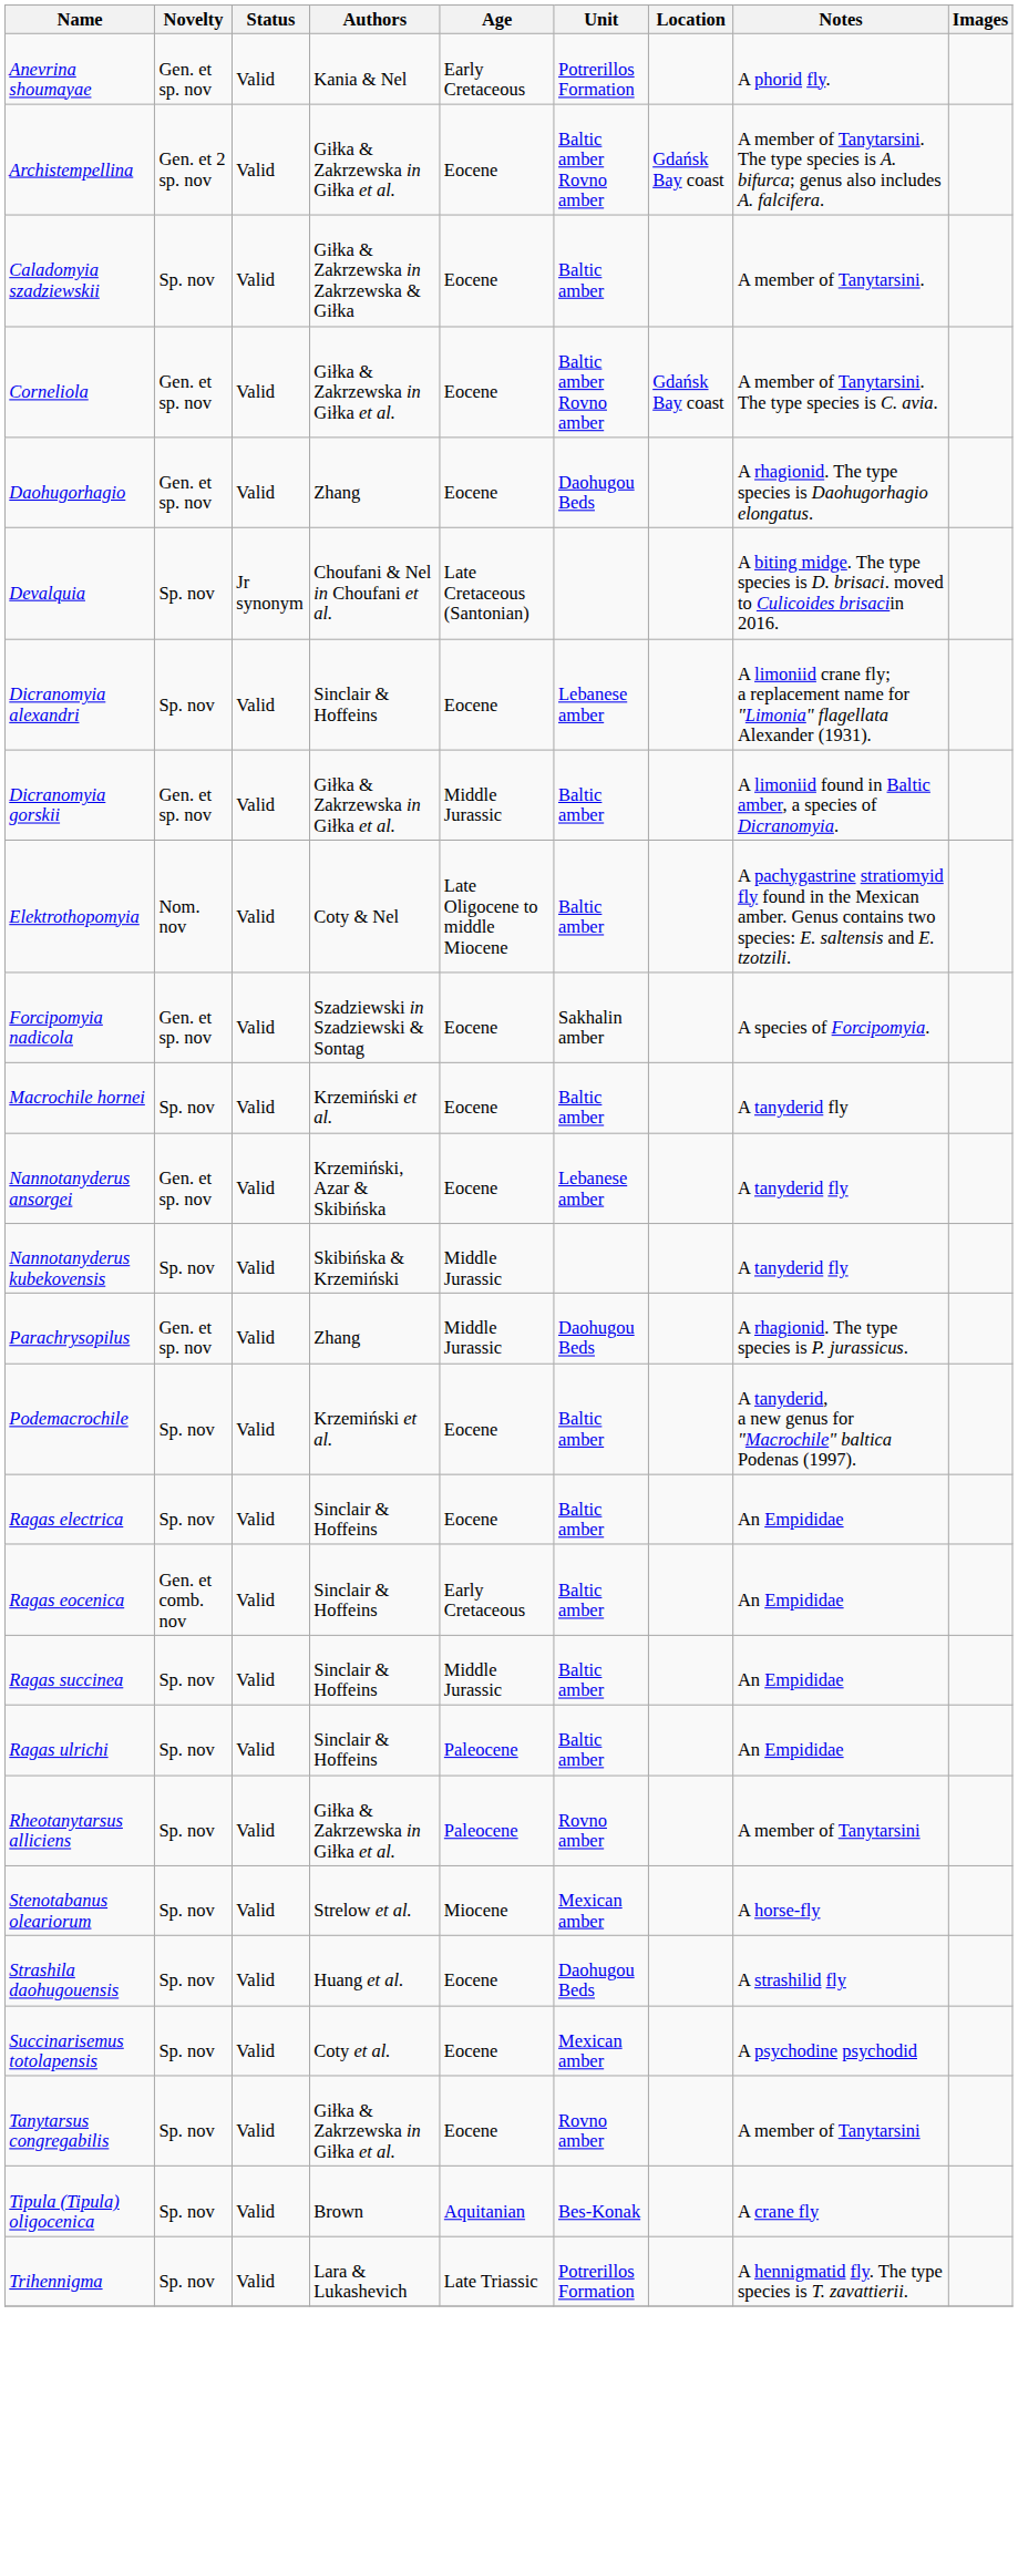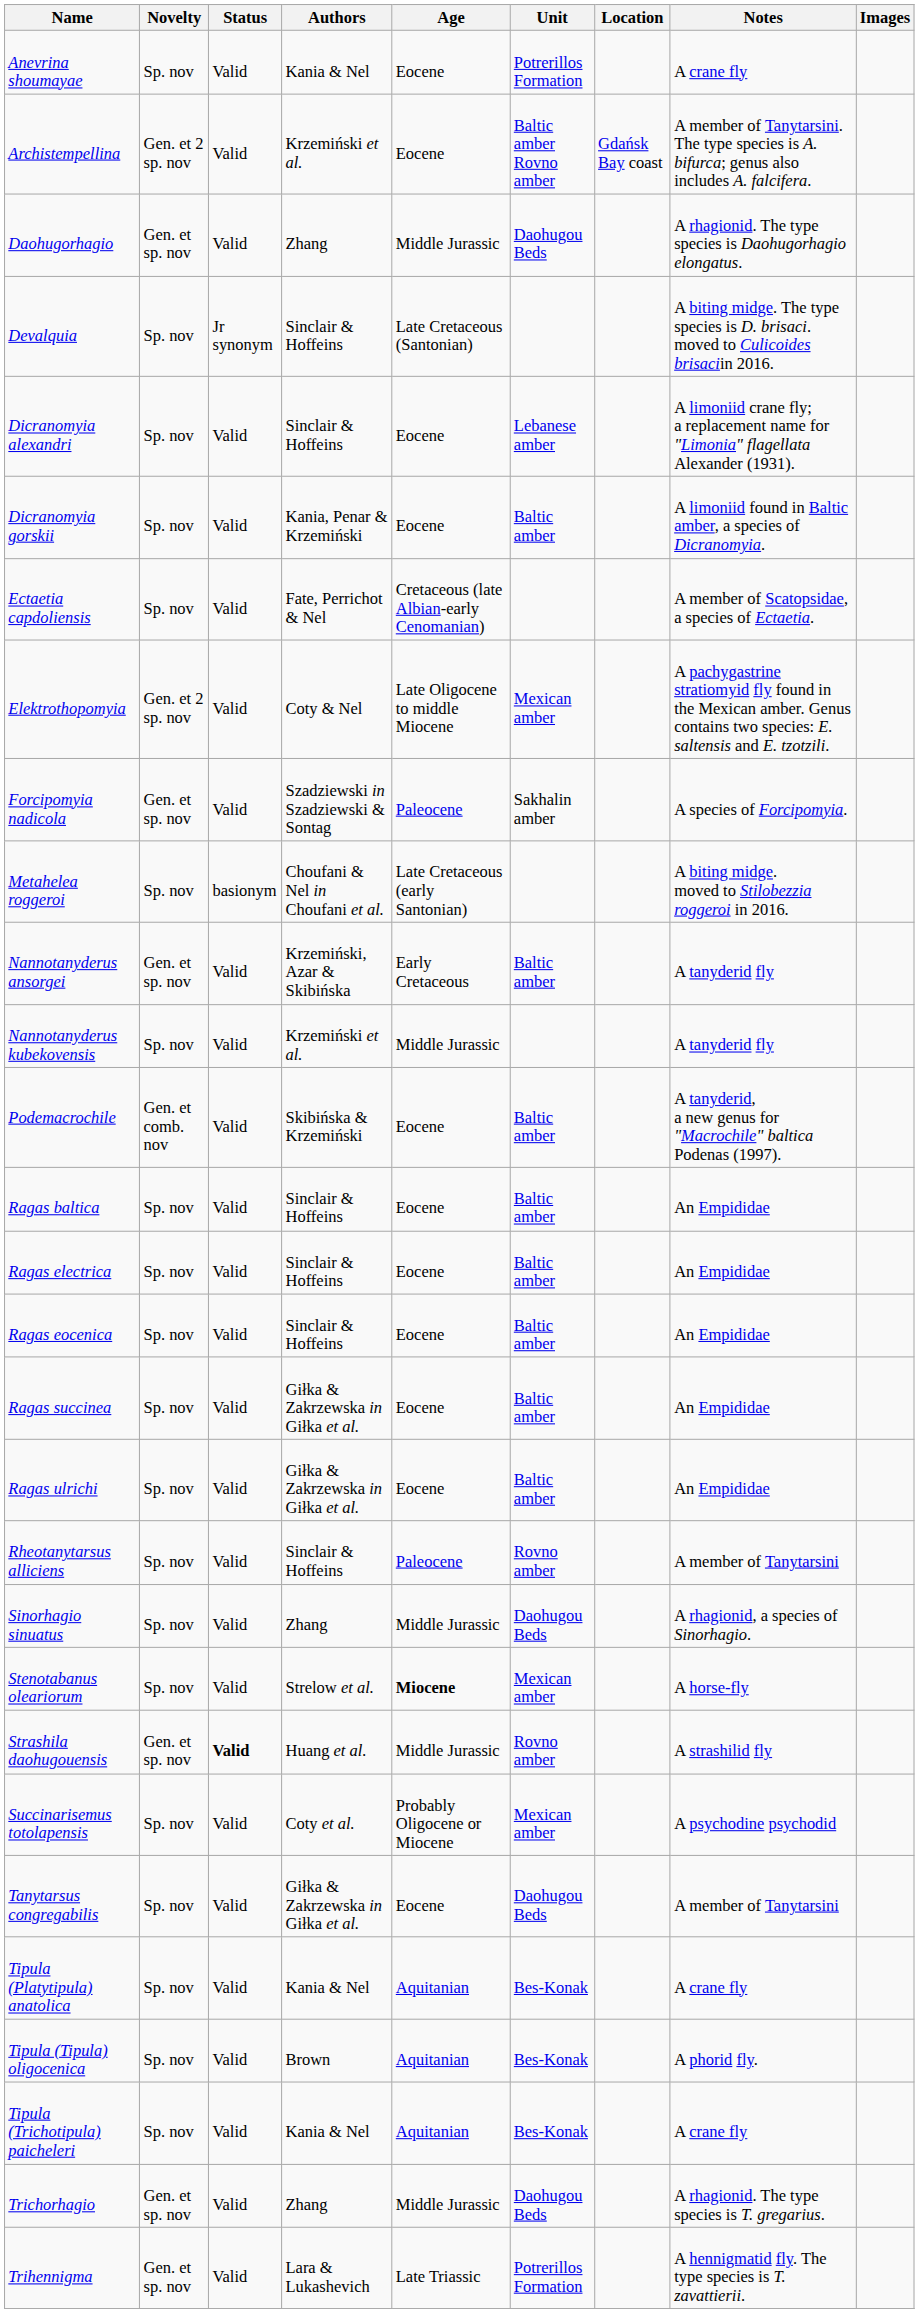 <table class="wikitable sortable" align="center" width="100%">
 <tr>
 <th>Name</th>
 <th>Novelty</th>
 <th>Status</th>
 <th>Authors</th>
 <th>Age</th>
 <th>Unit</th>
 <th>Location</th>
 <th>Notes</th>
 <th>Images</th>
 </tr>
 <tr>
 <td><br><em><a href='#'>Anevrina shoumayae</a></em></td>
-<td><br>Gen. et sp. nov</td>
+<td><br>Sp. nov</td>
 <td><br>Valid</td>
 <td><br>Kania & Nel</td>
-<td><br>Early Cretaceous</td>
+<td><br>Eocene</td>
 <td><br><a href='#'>Potrerillos Formation</a></td>
 <td><br></td>
-<td><br>A <a href='#'>phorid</a> <a href='#'>fly</a>.</td>
+<td><br>A <a href='#'>crane fly</a></td>
 <td></td>
 </tr>
 <tr>
 <td><br><em><a href='#'>Archistempellina</a></em></td>
 <td><br>Gen. et 2 sp. nov</td>
 <td><br>Valid</td>
-<td><br>Giłka & Zakrzewska <em>in</em> Giłka <em>et al.</em></td>
+<td><br>Krzemiński <em>et al.</em></td>
 <td><br>Eocene</td>
 <td><br><a href='#'>Baltic amber</a><br> <a href='#'>Rovno amber</a></td>
 <td><br><a href='#'>Gdańsk Bay</a> coast<br> </td>
 <td><br>A member of <a href='#'>Tanytarsini</a>.<br> The type species is <em>A. bifurca</em>; genus also includes <em>A. falcifera</em>.</td>
 <td></td>
 </tr>
 <tr>
-<td><br><em><a href='#'>Caladomyia szadziewskii</a></em></td>
-<td><br>Sp. nov</td>
-<td><br>Valid</td>
-<td><br>Giłka & Zakrzewska <em>in</em> Zakrzewska & Giłka</td>
-<td><br>Eocene</td>
-<td><br><a href='#'>Baltic amber</a></td>
-<td><br></td>
-<td><br>A member of <a href='#'>Tanytarsini</a>.</td>
-<td></td>
-</tr>
-<tr>
-<td><br><em><a href='#'>Corneliola</a></em></td>
-<td><br>Gen. et sp. nov</td>
-<td><br>Valid</td>
-<td><br>Giłka & Zakrzewska <em>in</em> Giłka <em>et al.</em></td>
-<td><br>Eocene</td>
-<td><br><a href='#'>Baltic amber</a><br> <a href='#'>Rovno amber</a></td>
-<td><br><a href='#'>Gdańsk Bay</a> coast<br> </td>
-<td><br>A member of <a href='#'>Tanytarsini</a>. The type species is <em>C. avia</em>.</td>
-<td></td>
-</tr>
-<tr>
 <td><br><em><a href='#'>Daohugorhagio</a></em></td>
 <td><br>Gen. et sp. nov</td>
 <td><br>Valid</td>
 <td><br>Zhang</td>
-<td><br>Eocene</td>
+<td><br>Middle Jurassic</td>
 <td><br><a href='#'>Daohugou Beds</a></td>
 <td><br></td>
 <td><br>A <a href='#'>rhagionid</a>. The type species is <em>Daohugorhagio elongatus</em>.</td>
 <td></td>
 </tr>
 <tr>
 <td><br><em><a href='#'>Devalquia</a></em></td>
 <td><br>Sp. nov</td>
 <td><br>Jr synonym</td>
-<td><br>Choufani & Nel <em>in</em> Choufani <em>et al.</em></td>
+<td><br>Sinclair & Hoffeins</td>
 <td><br>Late Cretaceous (Santonian)</td>
 <td></td>
 <td><br></td>
 <td><br>A <a href='#'>biting midge</a>. The type species is <em>D. brisaci</em>. moved to <em><a href='#'>Culicoides brisaci</a></em>in 2016.</td>
 <td></td>
 </tr>
 <tr>
 <td><br><em><a href='#'>Dicranomyia alexandri</a></em></td>
 <td><br>Sp. nov</td>
 <td><br>Valid</td>
 <td><br>Sinclair & Hoffeins</td>
 <td><br>Eocene</td>
 <td><br><a href='#'>Lebanese amber</a></td>
 <td><br></td>
 <td><br>A <a href='#'>limoniid</a> crane fly;<br> a replacement name for <em>"<a href='#'>Limonia</a>" flagellata</em> Alexander (1931).</td>
 <td></td>
 </tr>
 <tr>
 <td><br><em><a href='#'>Dicranomyia gorskii</a></em></td>
-<td><br>Gen. et sp. nov</td>
+<td><br>Sp. nov</td>
 <td><br>Valid</td>
-<td><br>Giłka & Zakrzewska <em>in</em> Giłka <em>et al.</em></td>
-<td><br>Middle Jurassic</td>
+<td><br>Kania, Penar & Krzemiński</td>
+<td><br>Eocene</td>
 <td><br><a href='#'>Baltic amber</a></td>
 <td><br></td>
 <td><br>A <a href='#'>limoniid</a> found in <a href='#'>Baltic amber</a>, a species of <em><a href='#'>Dicranomyia</a></em>.</td>
 <td></td>
 </tr>
 <tr>
+<td><br><em><a href='#'>Ectaetia capdoliensis</a></em></td>
+<td><br>Sp. nov</td>
+<td><br>Valid</td>
+<td><br>Fate, Perrichot & Nel</td>
+<td><br>Cretaceous (late <a href='#'>Albian</a>-early <a href='#'>Cenomanian</a>)</td>
+<td></td>
+<td><br></td>
+<td><br>A member of <a href='#'>Scatopsidae</a>, a species of <em><a href='#'>Ectaetia</a></em>.</td>
+<td></td>
+</tr>
+<tr>
 <td><br><em><a href='#'>Elektrothopomyia</a></em></td>
-<td><br>Nom. nov</td>
+<td><br>Gen. et 2 sp. nov</td>
 <td><br>Valid</td>
 <td><br>Coty & Nel</td>
 <td><br>Late Oligocene to middle Miocene</td>
-<td><br><a href='#'>Baltic amber</a></td>
+<td><br><a href='#'>Mexican amber</a></td>
 <td><br></td>
 <td><br>A <a href='#'>pachygastrine</a> <a href='#'>stratiomyid</a> <a href='#'>fly</a> found in the Mexican amber. Genus contains two species: <em>E. saltensis</em> and <em>E. tzotzili</em>.</td>
 <td></td>
 </tr>
 <tr>
 <td><br><em><a href='#'>Forcipomyia nadicola</a></em></td>
 <td><br>Gen. et sp. nov</td>
 <td><br>Valid</td>
 <td><br>Szadziewski <em>in</em> Szadziewski & Sontag</td>
-<td><br>Eocene</td>
+<td><br><a href='#'>Paleocene</a></td>
 <td><br>Sakhalin amber</td>
 <td><br></td>
 <td><br>A species of <em><a href='#'>Forcipomyia</a></em>.</td>
 <td></td>
 </tr>
 <tr>
-<td><em><a href='#'>Macrochile hornei</a></em></td>
+<td><br><em><a href='#'>Metahelea roggeroi</a></em></td>
 <td><br>Sp. nov</td>
-<td><br>Valid</td>
-<td><br>Krzemiński <em>et al.</em></td>
-<td><br>Eocene</td>
-<td><br><a href='#'>Baltic amber</a></td>
+<td><br>basionym</td>
+<td><br>Choufani & Nel <em>in</em> Choufani <em>et al.</em></td>
+<td><br>Late Cretaceous (early Santonian)</td>
+<td></td>
 <td><br></td>
-<td><br>A <a href='#'>tanyderid</a> fly</td>
+<td><br>A <a href='#'>biting midge</a>.<br> moved to <em><a href='#'>Stilobezzia roggeroi</a></em> in 2016.</td>
 <td></td>
 </tr>
 <tr>
 <td><br><em><a href='#'>Nannotanyderus ansorgei</a></em></td>
 <td><br>Gen. et sp. nov</td>
 <td><br>Valid</td>
 <td><br>Krzemiński, Azar & Skibińska</td>
-<td><br>Eocene</td>
-<td><br><a href='#'>Lebanese amber</a></td>
+<td><br>Early Cretaceous</td>
+<td><br><a href='#'>Baltic amber</a></td>
 <td><br></td>
 <td><br>A <a href='#'>tanyderid</a> <a href='#'>fly</a></td>
 <td></td>
 </tr>
 <tr>
 <td><br><em><a href='#'>Nannotanyderus kubekovensis</a></em></td>
 <td><br>Sp. nov</td>
 <td><br>Valid</td>
-<td><br>Skibińska & Krzemiński</td>
+<td><br>Krzemiński <em>et al.</em></td>
 <td><br>Middle Jurassic</td>
 <td></td>
 <td><br></td>
 <td><br>A <a href='#'>tanyderid</a> <a href='#'>fly</a></td>
 <td></td>
 </tr>
 <tr>
-<td><br><em><a href='#'>Parachrysopilus</a></em></td>
-<td><br>Gen. et sp. nov</td>
+<td><em><a href='#'>Podemacrochile</a></em></td>
+<td><br>Gen. et comb. nov</td>
 <td><br>Valid</td>
-<td><br>Zhang</td>
-<td><br>Middle Jurassic</td>
-<td><br><a href='#'>Daohugou Beds</a></td>
-<td><br></td>
-<td><br>A <a href='#'>rhagionid</a>. The type species is <em>P. jurassicus</em>.</td>
-<td></td>
-</tr>
-<tr>
-<td><em><a href='#'>Podemacrochile</a></em></td>
-<td><br>Sp. nov</td>
-<td><br>Valid</td>
-<td><br>Krzemiński <em>et al.</em></td>
+<td><br>Skibińska & Krzemiński</td>
 <td><br>Eocene</td>
 <td><br><a href='#'>Baltic amber</a></td>
 <td><br></td>
 <td><br>A <a href='#'>tanyderid</a>,<br> a new genus for <em>"<a href='#'>Macrochile</a>" baltica</em> Podenas (1997).</td>
+<td></td>
+</tr>
+<tr>
+<td><br><em><a href='#'>Ragas baltica</a></em></td>
+<td><br>Sp. nov</td>
+<td><br>Valid</td>
+<td><br>Sinclair & Hoffeins</td>
+<td><br>Eocene</td>
+<td><br><a href='#'>Baltic amber</a></td>
+<td><br></td>
+<td><br>An <a href='#'>Empididae</a></td>
 <td></td>
 </tr>
 <tr>
 <td><br><em><a href='#'>Ragas electrica</a></em></td>
 <td><br>Sp. nov</td>
 <td><br>Valid</td>
 <td><br>Sinclair & Hoffeins</td>
 <td><br>Eocene</td>
 <td><br><a href='#'>Baltic amber</a></td>
 <td><br></td>
 <td><br>An <a href='#'>Empididae</a></td>
 <td></td>
 </tr>
 <tr>
 <td><br><em><a href='#'>Ragas eocenica</a></em></td>
-<td><br>Gen. et comb. nov</td>
+<td><br>Sp. nov</td>
 <td><br>Valid</td>
 <td><br>Sinclair & Hoffeins</td>
-<td><br>Early Cretaceous</td>
+<td><br>Eocene</td>
 <td><br><a href='#'>Baltic amber</a></td>
 <td><br></td>
 <td><br>An <a href='#'>Empididae</a></td>
 <td></td>
 </tr>
 <tr>
 <td><br><em><a href='#'>Ragas succinea</a></em></td>
 <td><br>Sp. nov</td>
 <td><br>Valid</td>
-<td><br>Sinclair & Hoffeins</td>
-<td><br>Middle Jurassic</td>
+<td><br>Giłka & Zakrzewska <em>in</em> Giłka <em>et al.</em></td>
+<td><br>Eocene</td>
 <td><br><a href='#'>Baltic amber</a></td>
 <td><br></td>
 <td><br>An <a href='#'>Empididae</a></td>
 <td></td>
 </tr>
 <tr>
 <td><br><em><a href='#'>Ragas ulrichi</a></em></td>
 <td><br>Sp. nov</td>
 <td><br>Valid</td>
-<td><br>Sinclair & Hoffeins</td>
-<td><br><a href='#'>Paleocene</a></td>
+<td><br>Giłka & Zakrzewska <em>in</em> Giłka <em>et al.</em></td>
+<td><br>Eocene</td>
 <td><br><a href='#'>Baltic amber</a></td>
 <td><br></td>
 <td><br>An <a href='#'>Empididae</a></td>
 <td></td>
 </tr>
 <tr>
 <td><br><em><a href='#'>Rheotanytarsus alliciens</a></em></td>
 <td><br>Sp. nov</td>
 <td><br>Valid</td>
-<td><br>Giłka & Zakrzewska <em>in</em> Giłka <em>et al.</em></td>
+<td><br>Sinclair & Hoffeins</td>
 <td><br><a href='#'>Paleocene</a></td>
 <td><br><a href='#'>Rovno amber</a></td>
 <td><br></td>
 <td><br>A member of <a href='#'>Tanytarsini</a></td>
 <td></td>
 </tr>
 <tr>
+<td><br><em><a href='#'>Sinorhagio sinuatus</a></em></td>
+<td><br>Sp. nov</td>
+<td><br>Valid</td>
+<td><br>Zhang</td>
+<td><br>Middle Jurassic</td>
+<td><br><a href='#'>Daohugou Beds</a></td>
+<td><br></td>
+<td><br>A <a href='#'>rhagionid</a>, a species of <em>Sinorhagio</em>.</td>
+<td></td>
+</tr>
+<tr>
 <td><br><em><a href='#'>Stenotabanus oleariorum</a></em></td>
 <td><br>Sp. nov</td>
 <td><br>Valid</td>
 <td><br>Strelow <em>et al.</em></td>
-<td><br>Miocene</td>
+<td><strong><br>Miocene</strong></td>
 <td><br><a href='#'>Mexican amber</a></td>
 <td><br></td>
 <td><br>A <a href='#'>horse-fly</a></td>
 <td></td>
 </tr>
 <tr>
 <td><br><em><a href='#'>Strashila daohugouensis</a></em></td>
-<td><br>Sp. nov</td>
-<td><br>Valid</td>
+<td><br>Gen. et sp. nov</td>
+<td><strong><br>Valid</strong></td>
 <td><br>Huang <em>et al.</em></td>
-<td><br>Eocene</td>
-<td><br><a href='#'>Daohugou Beds</a></td>
+<td><br>Middle Jurassic</td>
+<td><br><a href='#'>Rovno amber</a></td>
 <td><br></td>
 <td><br>A <a href='#'>strashilid</a> <a href='#'>fly</a></td>
 <td></td>
 </tr>
 <tr>
 <td><br><em><a href='#'>Succinarisemus totolapensis</a></em></td>
 <td><br>Sp. nov</td>
 <td><br>Valid</td>
 <td><br>Coty <em>et al.</em></td>
-<td><br>Eocene</td>
+<td><br>Probably Oligocene or Miocene</td>
 <td><br><a href='#'>Mexican amber</a></td>
 <td><br></td>
 <td><br>A <a href='#'>psychodine</a> <a href='#'>psychodid</a></td>
 <td></td>
 </tr>
 <tr>
 <td><br><em><a href='#'>Tanytarsus congregabilis</a></em></td>
 <td><br>Sp. nov</td>
 <td><br>Valid</td>
 <td><br>Giłka & Zakrzewska <em>in</em> Giłka <em>et al.</em></td>
 <td><br>Eocene</td>
-<td><br><a href='#'>Rovno amber</a></td>
+<td><br><a href='#'>Daohugou Beds</a></td>
 <td><br></td>
 <td><br>A member of <a href='#'>Tanytarsini</a></td>
 <td></td>
+</tr>
+<tr>
+<td><br><em><a href='#'>Tipula (Platytipula) anatolica</a></em></td>
+<td><br>Sp. nov</td>
+<td><br>Valid</td>
+<td><br>Kania & Nel</td>
+<td><br><a href='#'>Aquitanian</a></td>
+<td><br><a href='#'>Bes-Konak</a></td>
+<td><br></td>
+<td><br>A <a href='#'>crane fly</a></td>
+<td><br></td>
 </tr>
 <tr>
 <td><br><em><a href='#'>Tipula (Tipula) oligocenica</a></em></td>
 <td><br>Sp. nov</td>
 <td><br>Valid</td>
 <td><br>Brown</td>
 <td><br><a href='#'>Aquitanian</a></td>
 <td><br><a href='#'>Bes-Konak</a></td>
 <td><br></td>
+<td><br>A <a href='#'>phorid</a> <a href='#'>fly</a>.</td>
+<td><br></td>
+</tr>
+<tr>
+<td><br><em><a href='#'>Tipula (Trichotipula) paicheleri</a></em></td>
+<td><br>Sp. nov</td>
+<td><br>Valid</td>
+<td><br>Kania & Nel</td>
+<td><br><a href='#'>Aquitanian</a></td>
+<td><br><a href='#'>Bes-Konak</a></td>
+<td><br></td>
 <td><br>A <a href='#'>crane fly</a></td>
 <td><br></td>
 </tr>
 <tr>
+<td><br><em><a href='#'>Trichorhagio</a></em></td>
+<td><br>Gen. et sp. nov</td>
+<td><br>Valid</td>
+<td><br>Zhang</td>
+<td><br>Middle Jurassic</td>
+<td><br><a href='#'>Daohugou Beds</a></td>
+<td><br></td>
+<td><br>A <a href='#'>rhagionid</a>. The type species is <em>T. gregarius</em>.</td>
+<td></td>
+</tr>
+<tr>
 <td><br><em><a href='#'>Trihennigma</a></em></td>
-<td><br>Sp. nov</td>
+<td><br>Gen. et sp. nov</td>
 <td><br>Valid</td>
 <td><br>Lara & Lukashevich</td>
 <td><br>Late Triassic</td>
 <td><br><a href='#'>Potrerillos Formation</a></td>
 <td><br></td>
 <td><br>A <a href='#'>hennigmatid</a> <a href='#'>fly</a>. The type species is <em>T. zavattierii</em>.</td>
 <td></td>
 </tr>
 <tr>
 </tr>
 </table>
